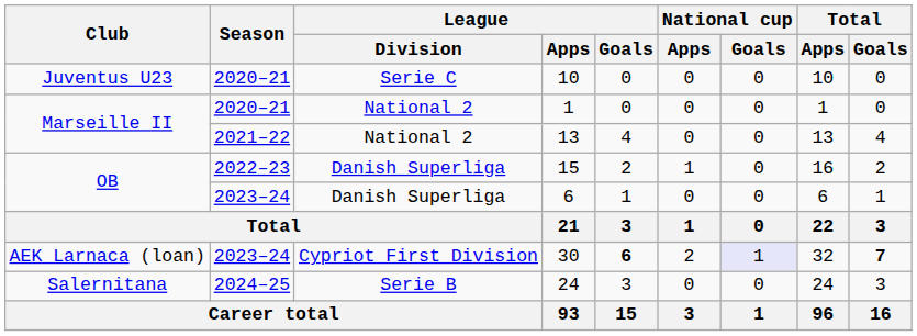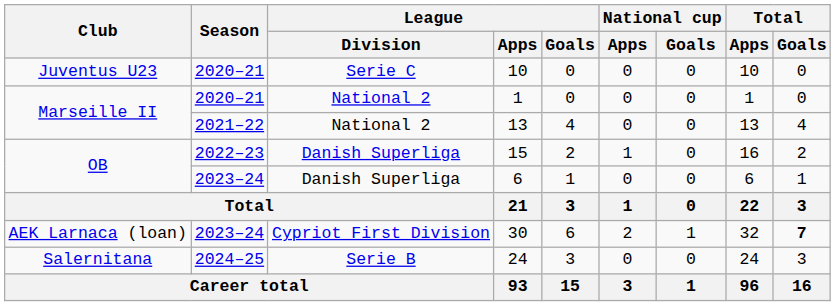 <table class="wikitable" style="text-align:center">
 <tr>
 <th rowspan="2">Club</th>
 <th rowspan="2">Season</th>
 <th colspan="3">League</th>
 <th colspan="2">National cup</th>
 <th colspan="2">Total</th>
 </tr>
 <tr>
 <th>Division</th>
 <th>Apps</th>
 <th>Goals</th>
 <th>Apps</th>
 <th>Goals</th>
 <th>Apps</th>
 <th>Goals</th>
 </tr>
 <tr>
 <td><a href='#'>Juventus U23</a></td>
 <td><a href='#'>2020–21</a></td>
 <td><a href='#'>Serie C</a></td>
 <td>10</td>
 <td>0</td>
 <td>0</td>
 <td>0</td>
 <td>10</td>
 <td>0</td>
 </tr>
 <tr>
 <td rowspan="2"><a href='#'>Marseille II</a></td>
 <td><a href='#'>2020–21</a></td>
 <td><a href='#'>National 2</a></td>
 <td>1</td>
 <td>0</td>
 <td>0</td>
 <td>0</td>
 <td>1</td>
 <td>0</td>
 </tr>
 <tr>
 <td><a href='#'>2021–22</a></td>
 <td>National 2</td>
 <td>13</td>
 <td>4</td>
 <td>0</td>
 <td>0</td>
 <td>13</td>
 <td>4</td>
 </tr>
 <tr>
 <td rowspan="2"><a href='#'>OB</a></td>
 <td><a href='#'>2022–23</a></td>
 <td><a href='#'>Danish Superliga</a></td>
 <td>15</td>
 <td>2</td>
 <td>1</td>
 <td>0</td>
 <td>16</td>
 <td>2</td>
 </tr>
 <tr>
 <td><a href='#'>2023–24</a></td>
 <td>Danish Superliga</td>
 <td>6</td>
 <td>1</td>
 <td>0</td>
 <td>0</td>
 <td>6</td>
 <td>1</td>
 </tr>
 <tr>
 <th colspan="3">Total</th>
 <th>21</th>
 <th>3</th>
 <th>1</th>
 <th>0</th>
 <th>22</th>
 <th>3</th>
 </tr>
 <tr>
 <td><a href='#'>AEK Larnaca</a> (loan)</td>
 <td><a href='#'>2023–24</a></td>
 <td><a href='#'>Cypriot First Division</a></td>
 <td>30</td>
-<td><strong>6</strong></td>
+<td>6</td>
 <td>2</td>
-<td style="background: lavender;">1</td>
+<td>1</td>
 <td>32</td>
 <td><strong>7</strong></td>
 </tr>
 <tr>
 <td><a href='#'>Salernitana</a></td>
 <td><a href='#'>2024–25</a></td>
 <td><a href='#'>Serie B</a></td>
 <td>24</td>
 <td>3</td>
 <td>0</td>
 <td>0</td>
 <td>24</td>
 <td>3</td>
 </tr>
 <tr>
 <th colspan="3">Career total</th>
 <th>93</th>
 <th>15</th>
 <th>3</th>
 <th>1</th>
 <th>96</th>
 <th>16</th>
 </tr>
 </table>
